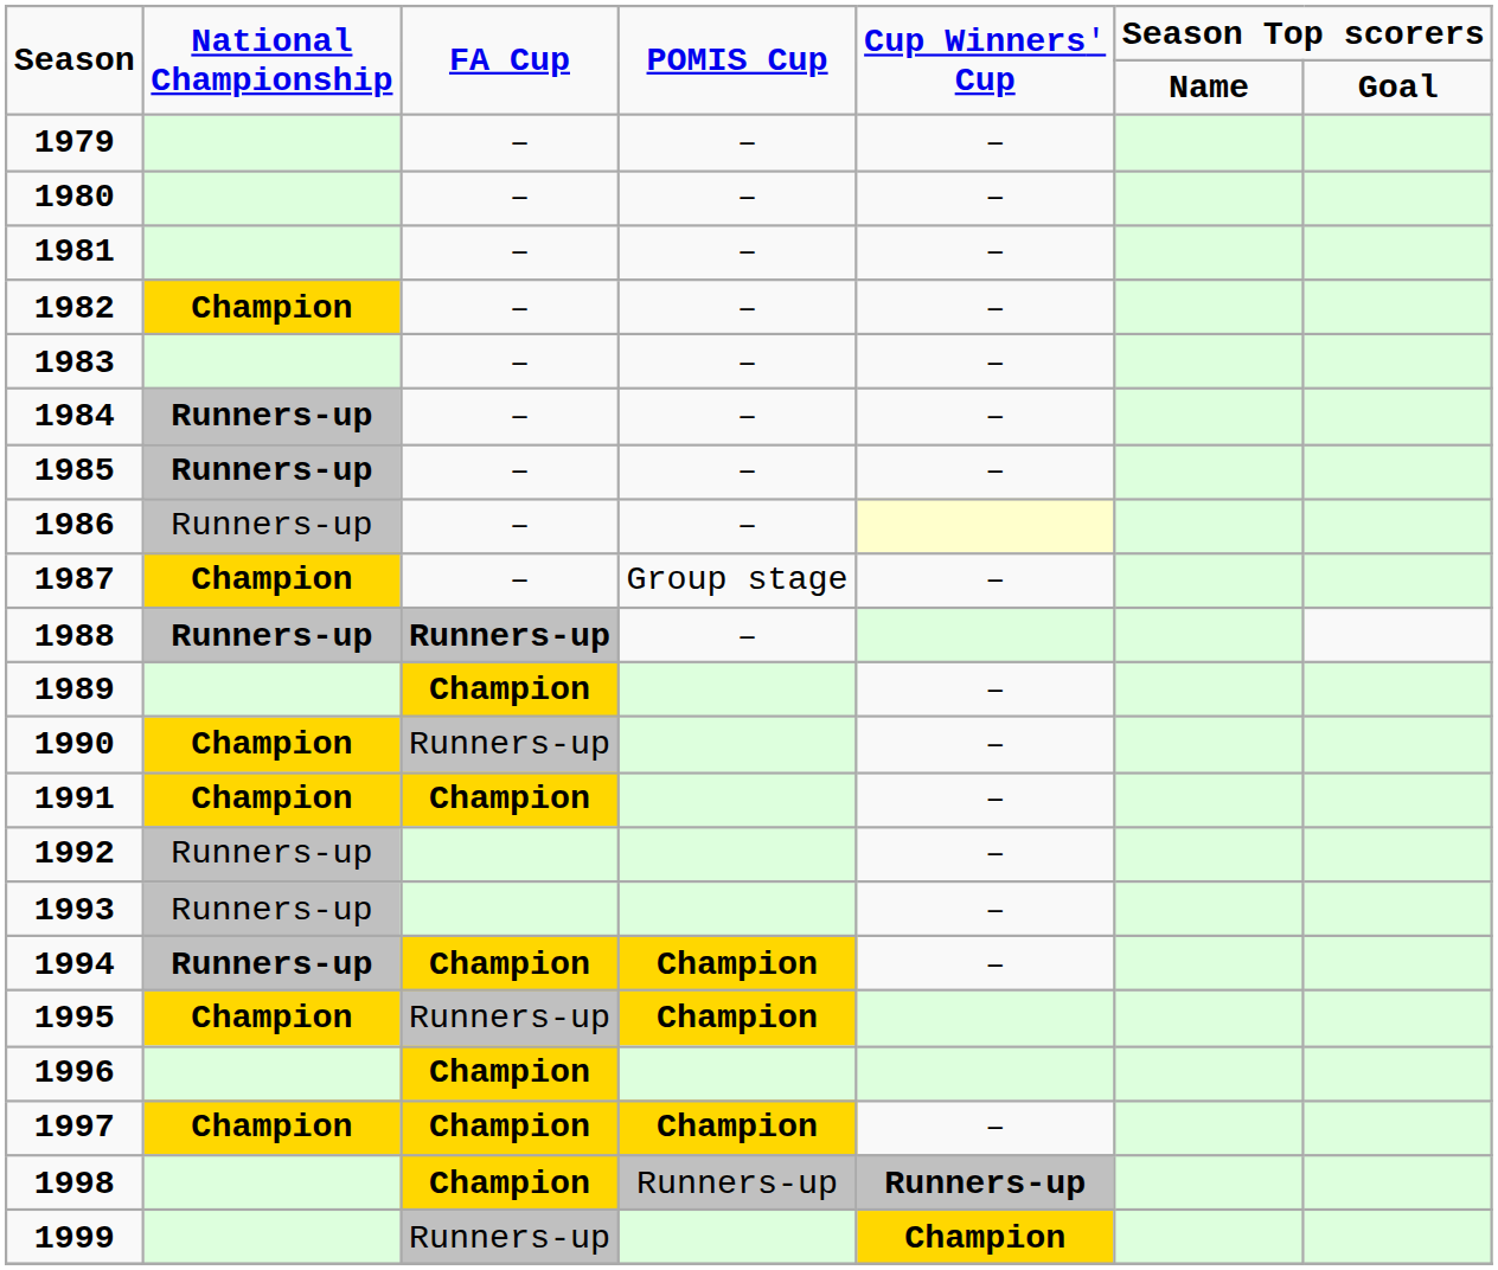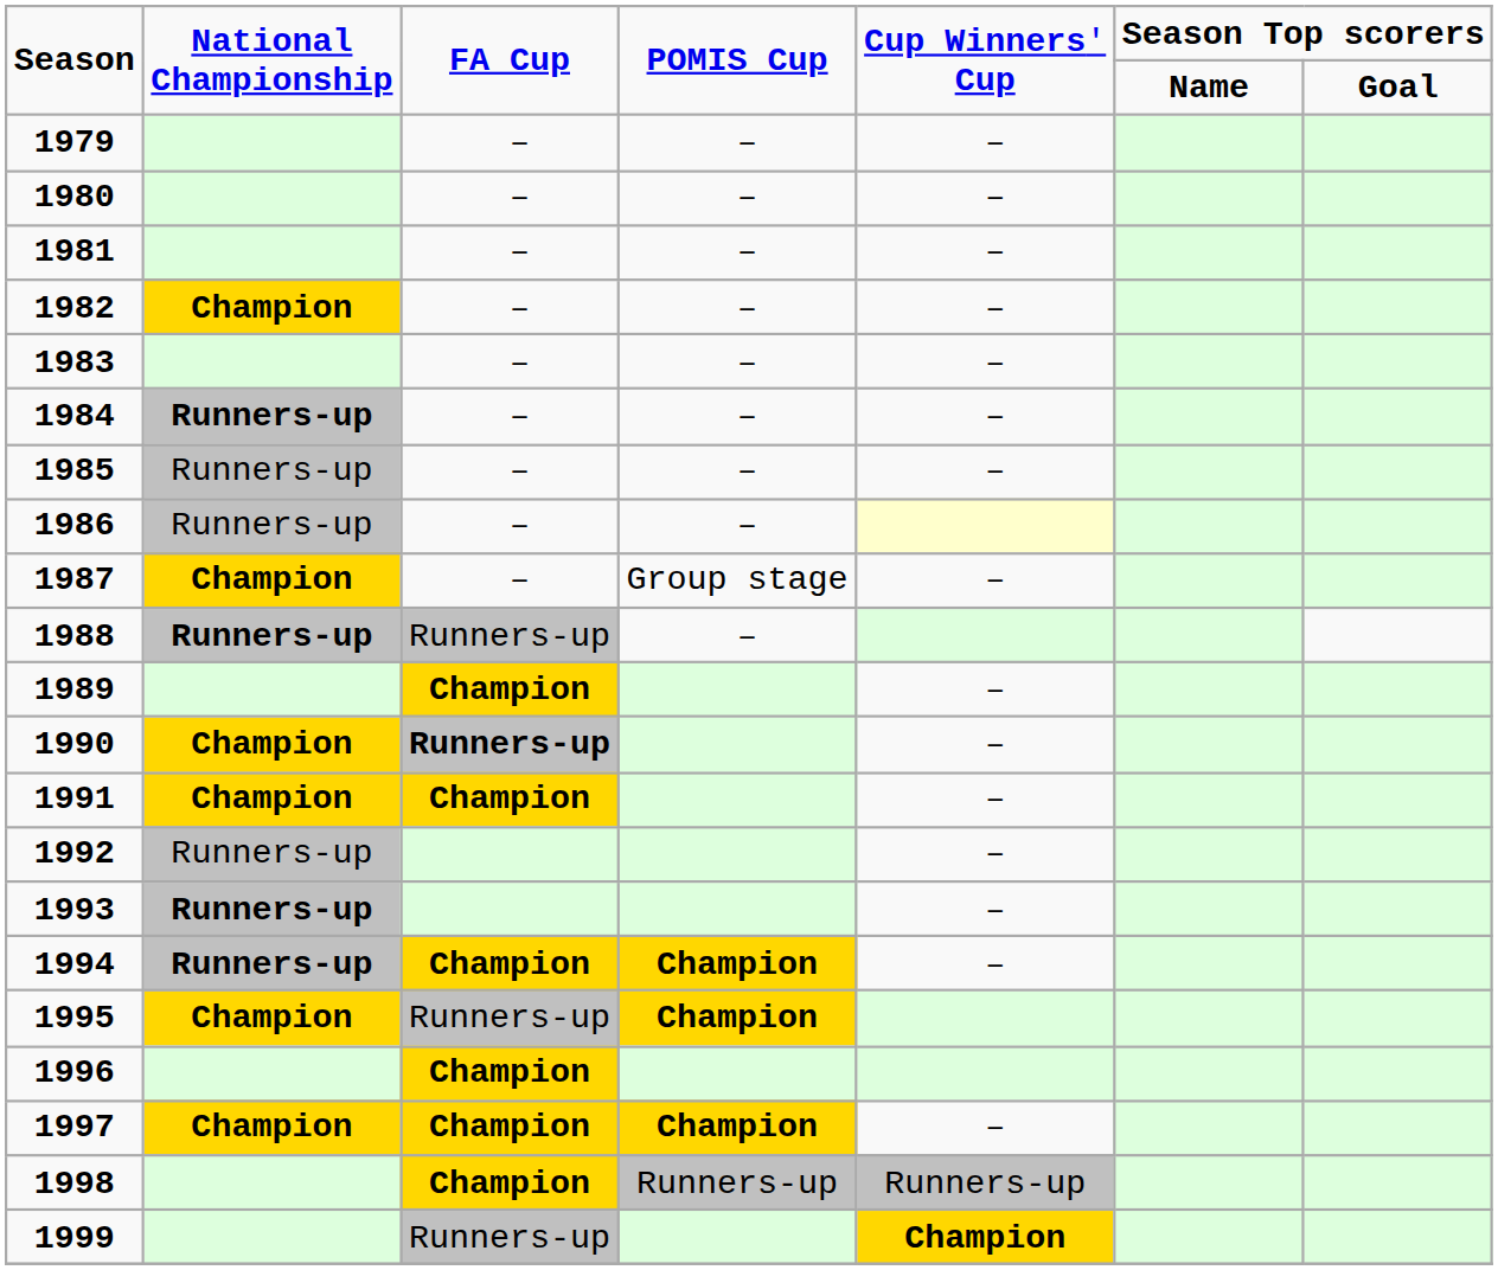 <table class="wikitable" style="text-align: center">
 <tr>
 <td rowspan=2><strong>Season</strong></td>
 <td rowspan=2><a href='#'><strong>National</strong><br> <strong>Championship</strong></a></td>
 <td rowspan=2><a href='#'><strong>FA Cup</strong></a></td>
 <td rowspan=2><strong><a href='#'>POMIS Cup</a></strong></td>
 <td rowspan=2><a href='#'><strong>Cup Winners</strong>'<br> <strong>Cup</strong></a></td>
 <td colspan=2><strong>Season Top scorers</strong></td>
 </tr>
 <tr>
 <td><strong>Name</strong></td>
 <td><strong>Goal</strong></td>
 </tr>
 <tr>
 <td><strong>1979</strong></td>
 <td style="background:#dfd;"></td>
 <td> –</td>
 <td> –</td>
 <td> –</td>
 <td style="background:#dfd;"></td>
 <td style="background:#dfd;"></td>
 </tr>
 <tr>
 <td><strong>1980</strong></td>
 <td style="background:#dfd;"></td>
 <td> –</td>
 <td> –</td>
 <td> –</td>
 <td style="background:#dfd;"></td>
 <td style="background:#dfd;"></td>
 </tr>
 <tr>
 <td><strong>1981</strong></td>
 <td style="background:#dfd;"></td>
 <td> –</td>
 <td> –</td>
 <td> –</td>
 <td style="background:#dfd;"></td>
 <td style="background:#dfd;"></td>
 </tr>
 <tr>
 <td><strong>1982</strong></td>
 <td bgcolor=gold><strong>Champion</strong></td>
 <td> –</td>
 <td> –</td>
 <td> –</td>
 <td style="background:#dfd;"></td>
 <td style="background:#dfd;"></td>
 </tr>
 <tr>
 <td><strong>1983</strong></td>
 <td style="background:#dfd;"></td>
 <td> –</td>
 <td> –</td>
 <td> –</td>
 <td style="background:#dfd;"></td>
 <td style="background:#dfd;"></td>
 </tr>
 <tr>
 <td><strong>1984</strong></td>
 <td style="background:silver;"><strong>Runners-up</strong></td>
 <td> –</td>
 <td> –</td>
 <td> –</td>
 <td style="background:#dfd;"></td>
 <td style="background:#dfd;"></td>
 </tr>
 <tr>
 <td><strong>1985</strong></td>
-<td style="background:silver;"><strong>Runners-up</strong></td>
+<td style="background:silver;">Runners-up</td>
 <td> –</td>
 <td> –</td>
 <td> –</td>
 <td style="background:#dfd;"></td>
 <td style="background:#dfd;"></td>
 </tr>
 <tr>
 <td><strong>1986</strong></td>
 <td style="background:silver;">Runners-up</td>
 <td> –</td>
 <td> –</td>
 <td style="background:#FFFFCC;"></td>
 <td style="background:#dfd;"></td>
 <td style="background:#dfd;"></td>
 </tr>
 <tr>
 <td><strong>1987</strong></td>
 <td bgcolor=gold><strong>Champion</strong></td>
 <td> –</td>
 <td>Group stage</td>
 <td> –</td>
 <td style="background:#dfd;"></td>
 <td style="background:#dfd;"></td>
 </tr>
 <tr>
 <td><strong>1988</strong></td>
 <td style="background:silver;"><strong>Runners-up</strong></td>
-<td style="background:silver;"><strong>Runners-up</strong></td>
+<td style="background:silver;">Runners-up</td>
 <td> –</td>
 <td style="background:#dfd;"></td>
 <td style="background:#dfd;"></td>
 </tr>
 <tr>
 <td><strong>1989</strong></td>
 <td style="background:#dfd;"></td>
 <td bgcolor=gold><strong>Champion</strong></td>
 <td style="background:#dfd;"></td>
 <td> –</td>
 <td style="background:#dfd;"></td>
 <td style="background:#dfd;"></td>
 </tr>
 <tr>
 <td><strong>1990</strong></td>
 <td bgcolor=gold><strong>Champion</strong></td>
-<td style="background:silver;">Runners-up</td>
+<td style="background:silver;"><strong>Runners-up</strong></td>
 <td style="background:#dfd;"></td>
 <td> –</td>
 <td style="background:#dfd;"></td>
 <td style="background:#dfd;"></td>
 </tr>
 <tr>
 <td><strong>1991</strong></td>
 <td bgcolor=gold><strong>Champion</strong></td>
 <td bgcolor=gold><strong>Champion</strong></td>
 <td style="background:#dfd;"></td>
 <td> –</td>
 <td style="background:#dfd;"></td>
 <td style="background:#dfd;"></td>
 </tr>
 <tr>
 <td><strong>1992</strong></td>
 <td style="background:silver;">Runners-up</td>
 <td style="background:#dfd;"></td>
 <td style="background:#dfd;"></td>
 <td> –</td>
 <td style="background:#dfd;"></td>
 <td style="background:#dfd;"></td>
 </tr>
 <tr>
 <td><strong>1993</strong></td>
-<td style="background:silver;">Runners-up</td>
+<td style="background:silver;"><strong>Runners-up</strong></td>
 <td style="background:#dfd;"></td>
 <td style="background:#dfd;"></td>
 <td> –</td>
 <td style="background:#dfd;"></td>
 <td style="background:#dfd;"></td>
 </tr>
 <tr>
 <td><strong>1994</strong></td>
 <td style="background:silver;"><strong>Runners-up</strong></td>
 <td bgcolor=gold><strong>Champion</strong></td>
 <td bgcolor=gold><strong>Champion</strong></td>
 <td> –</td>
 <td style="background:#dfd;"></td>
 <td style="background:#dfd;"></td>
 </tr>
 <tr>
 <td><strong>1995</strong></td>
 <td bgcolor=gold><strong>Champion</strong></td>
 <td style="background:silver;">Runners-up</td>
 <td bgcolor=gold><strong>Champion</strong></td>
 <td style="background:#dfd;"></td>
 <td style="background:#dfd;"></td>
 <td style="background:#dfd;"></td>
 </tr>
 <tr>
 <td><strong>1996</strong></td>
 <td style="background:#dfd;"></td>
 <td bgcolor=gold><strong>Champion</strong></td>
 <td style="background:#dfd;"></td>
 <td style="background:#dfd;"></td>
 <td style="background:#dfd;"></td>
 <td style="background:#dfd;"></td>
 </tr>
 <tr>
 <td><strong>1997</strong></td>
 <td bgcolor=gold><strong>Champion</strong></td>
 <td bgcolor=gold><strong>Champion</strong></td>
 <td bgcolor=gold><strong>Champion</strong></td>
 <td> –</td>
 <td style="background:#dfd;"></td>
 <td style="background:#dfd;"></td>
 </tr>
 <tr>
 <td><strong>1998</strong></td>
 <td style="background:#dfd;"></td>
 <td bgcolor=gold><strong>Champion</strong></td>
 <td style="background:silver;">Runners-up</td>
-<td style="background:silver;"><strong>Runners-up</strong></td>
+<td style="background:silver;">Runners-up</td>
 <td style="background:#dfd;"></td>
 <td style="background:#dfd;"></td>
 </tr>
 <tr>
 <td><strong>1999</strong></td>
 <td style="background:#dfd;"></td>
 <td style="background:silver;">Runners-up</td>
 <td style="background:#dfd;"></td>
 <td bgcolor=gold><strong>Champion</strong></td>
 <td style="background:#dfd;"></td>
 <td style="background:#dfd;"></td>
 </tr>
 <tr>
 </tr>
 </table>
